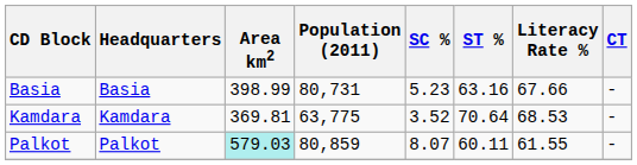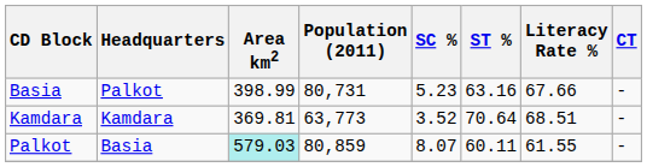 <table class="wikitable sortable">
 <tr>
 <th>CD Block</th>
 <th>Headquarters</th>
 <th><br>Area<br>km<sup>2</sup></th>
 <th>Population<br>(2011)</th>
 <th><a href='#'>SC</a> %</th>
 <th><a href='#'>ST</a> %</th>
 <th>Literacy<br> Rate %</th>
 <th><a href='#'>CT</a></th>
 </tr>
 <tr>
 <td><a href='#'>Basia</a></td>
-<td><a href='#'>Basia</a></td>
+<td><a href='#'>Palkot</a></td>
 <td>398.99</td>
 <td>80,731</td>
 <td>5.23</td>
 <td>63.16</td>
 <td>67.66</td>
 <td>-</td>
 </tr>
 <tr>
 <td><a href='#'>Kamdara</a></td>
 <td><a href='#'>Kamdara</a></td>
 <td>369.81</td>
-<td>63,775</td>
+<td>63,773</td>
 <td>3.52</td>
 <td>70.64</td>
-<td>68.53</td>
+<td>68.51</td>
 <td>-</td>
 </tr>
 <tr>
 <td><a href='#'>Palkot</a></td>
-<td><a href='#'>Palkot</a></td>
+<td><a href='#'>Basia</a></td>
 <td style="background: paleturquoise;">579.03</td>
 <td>80,859</td>
 <td>8.07</td>
 <td>60.11</td>
 <td>61.55</td>
 <td>-</td>
 </tr>
 <tr>
 </tr>
 </table>
